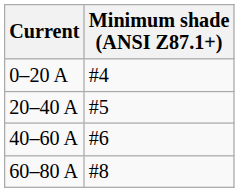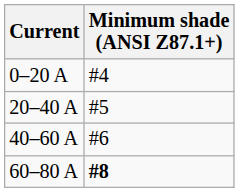 <table class="wikitable">
 <tr>
 <th>Current</th>
 <th>Minimum shade<br>(ANSI Z87.1+)</th>
 </tr>
 <tr>
 <td>0–20 A</td>
 <td>#4</td>
 </tr>
 <tr>
 <td>20–40 A</td>
 <td>#5</td>
 </tr>
 <tr>
 <td>40–60 A</td>
 <td>#6</td>
 </tr>
 <tr>
 <td>60–80 A</td>
-<td>#8</td>
+<td><strong>#8</strong></td>
 </tr>
 </table>
